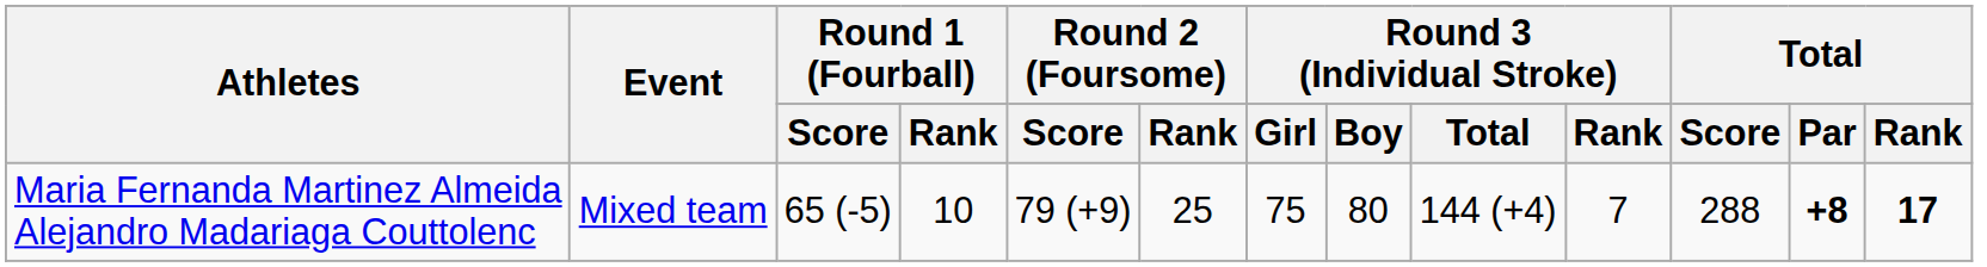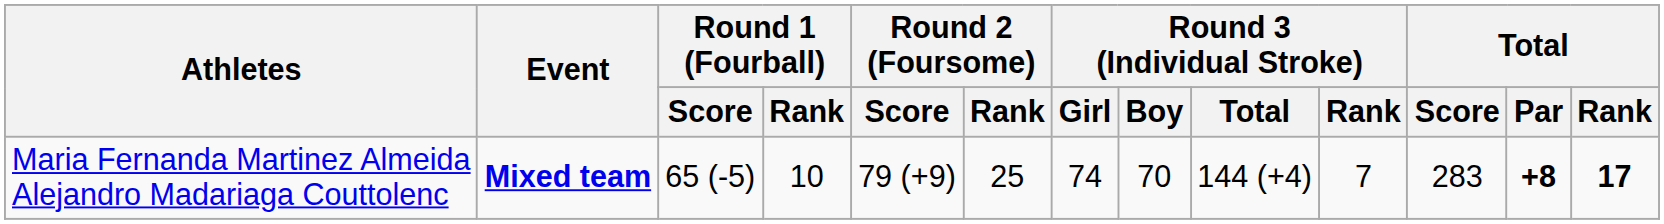 <table class="wikitable">
 <tr>
 <th rowspan="2">Athletes</th>
 <th rowspan="2">Event</th>
 <th colspan="2">Round 1<br>(Fourball)</th>
 <th colspan="2">Round 2<br>(Foursome)</th>
 <th colspan="4">Round 3<br>(Individual Stroke)</th>
 <th colspan="3">Total</th>
 </tr>
 <tr>
 <th>Score</th>
 <th>Rank</th>
 <th>Score</th>
 <th>Rank</th>
 <th>Girl</th>
 <th>Boy</th>
 <th>Total</th>
 <th>Rank</th>
 <th>Score</th>
 <th>Par</th>
 <th>Rank</th>
 </tr>
 <tr align="center">
 <td align="left"><a href='#'>Maria Fernanda Martinez Almeida</a><br><a href='#'>Alejandro Madariaga Couttolenc</a></td>
-<td align="left"><a href='#'>Mixed team</a></td>
+<td align="left"><strong><a href='#'>Mixed team</a></strong></td>
 <td>65 (-5)</td>
 <td>10</td>
 <td>79 (+9)</td>
 <td>25</td>
-<td>75</td>
-<td>80</td>
+<td>74</td>
+<td>70</td>
 <td>144 (+4)</td>
 <td>7</td>
-<td>288</td>
+<td>283</td>
 <td><strong>+8</strong></td>
 <td><strong>17</strong></td>
 </tr>
 </table>
